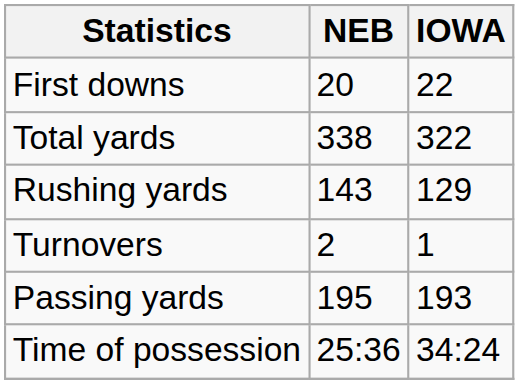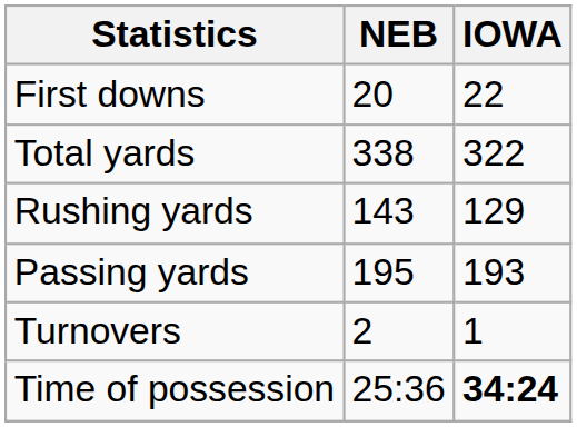 <table class="wikitable">
 <tr>
 <th>Statistics</th>
 <th>NEB</th>
 <th>IOWA</th>
 </tr>
 <tr>
 <td>First downs</td>
 <td>20</td>
 <td>22</td>
 </tr>
 <tr>
 <td>Total yards</td>
 <td>338</td>
 <td>322</td>
 </tr>
 <tr>
 <td>Rushing yards</td>
 <td>143</td>
 <td>129</td>
 </tr>
 <tr>
+<td>Passing yards</td>
+<td>195</td>
+<td>193</td>
+</tr>
+<tr>
 <td>Turnovers</td>
 <td>2</td>
 <td>1</td>
 </tr>
 <tr>
-<td>Passing yards</td>
-<td>195</td>
-<td>193</td>
-</tr>
-<tr>
 <td>Time of possession</td>
 <td>25:36</td>
-<td>34:24</td>
+<td><strong>34:24</strong></td>
 </tr>
 <tr>
 </tr>
 </table>
